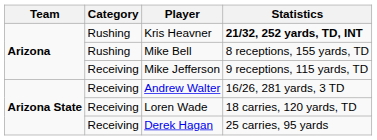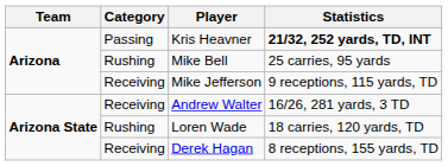 <table class="wikitable" style="float: right;">
 <tr>
 <th>Team</th>
 <th>Category</th>
 <th>Player</th>
 <th>Statistics</th>
 </tr>
 <tr>
 <td rowspan=3><strong>Arizona</strong></td>
-<td>Rushing</td>
+<td>Passing</td>
 <td>Kris Heavner</td>
 <td><strong>21/32, 252 yards, TD, INT</strong></td>
 </tr>
 <tr>
 <td>Rushing</td>
 <td>Mike Bell</td>
-<td>8 receptions, 155 yards, TD</td>
+<td>25 carries, 95 yards</td>
 </tr>
 <tr>
 <td>Receiving</td>
 <td>Mike Jefferson</td>
 <td>9 receptions, 115 yards, TD</td>
 </tr>
 <tr>
 <td rowspan=3><strong>Arizona State</strong></td>
 <td>Receiving</td>
 <td><a href='#'>Andrew Walter</a></td>
 <td>16/26, 281 yards, 3 TD</td>
 </tr>
 <tr>
-<td>Receiving</td>
+<td>Rushing</td>
 <td>Loren Wade</td>
 <td>18 carries, 120 yards, TD</td>
 </tr>
 <tr>
 <td>Receiving</td>
 <td><a href='#'>Derek Hagan</a></td>
-<td>25 carries, 95 yards</td>
+<td>8 receptions, 155 yards, TD</td>
 </tr>
 </table>
